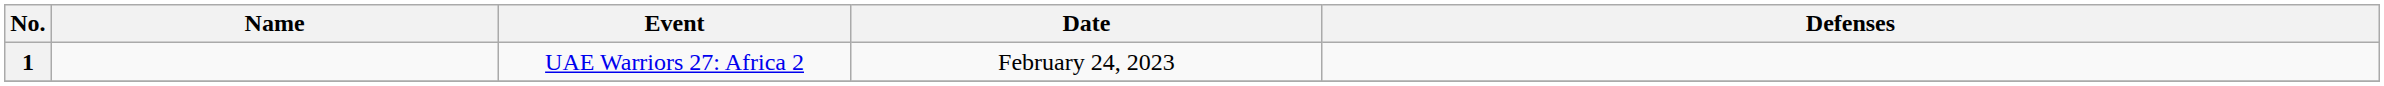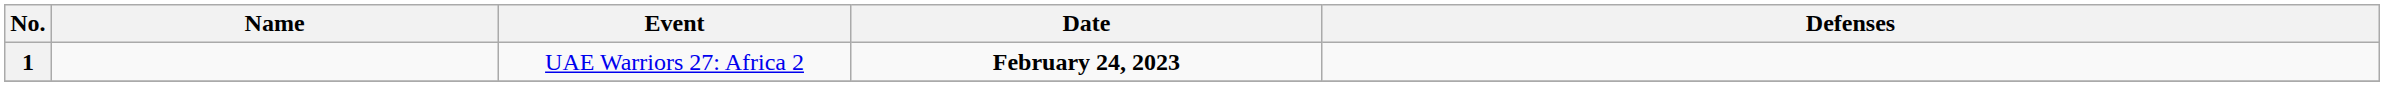 <table class="wikitable" width=100%>
 <tr>
 <th width=1%>No.</th>
 <th width=19%>Name</th>
 <th width=15%>Event</th>
 <th width=20%>Date</th>
 <th width=45%>Defenses</th>
 </tr>
 <tr>
 <th>1</th>
 <td align=left><br></td>
 <td align=center><a href='#'>UAE Warriors 27: Africa 2</a> <br></td>
-<td align=center>February 24, 2023</td>
+<td align=center><strong>February 24, 2023</strong></td>
 <td></td>
 </tr>
 <tr>
 </tr>
 </table>
